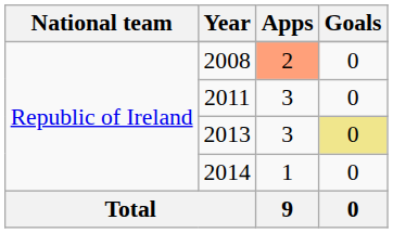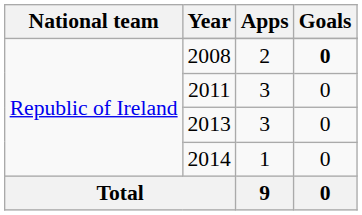 <table class="wikitable" style="text-align:center">
 <tr>
 <th>National team</th>
 <th>Year</th>
 <th>Apps</th>
 <th>Goals</th>
 </tr>
 <tr>
 <td rowspan=5><a href='#'>Republic of Ireland</a></td>
 </tr>
 <tr>
 <td>2008</td>
-<td style="background: lightsalmon;">2</td>
-<td>0</td>
+<td>2</td>
+<td><strong>0</strong></td>
 </tr>
 <tr>
 <td>2011</td>
 <td>3</td>
 <td>0</td>
 </tr>
 <tr>
 <td>2013</td>
 <td>3</td>
-<td style="background: khaki;">0</td>
+<td>0</td>
 </tr>
 <tr>
 <td>2014</td>
 <td>1</td>
 <td>0</td>
 </tr>
 <tr>
 <th colspan=2>Total</th>
 <th>9</th>
 <th>0</th>
 </tr>
 </table>
